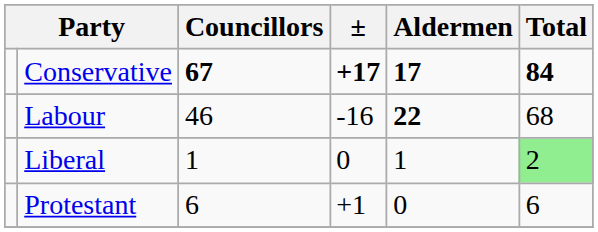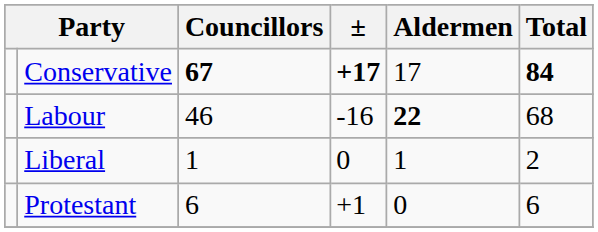 <table class="wikitable">
 <tr>
 <th colspan="2">Party</th>
 <th>Councillors</th>
 <th>  ±  </th>
 <th>Aldermen</th>
 <th>Total</th>
 </tr>
 <tr>
 <td style="background-color: "></td>
 <td><a href='#'>Conservative</a></td>
 <td><strong>67</strong></td>
 <td><strong>+17</strong></td>
-<td><strong>17</strong></td>
+<td>17</td>
 <td><strong>84</strong></td>
 </tr>
 <tr>
 <td style="background-color: "></td>
 <td><a href='#'>Labour</a></td>
 <td>46</td>
 <td>-16</td>
 <td><strong>22</strong></td>
 <td>68</td>
 </tr>
 <tr>
 <td style="background-color: "></td>
 <td><a href='#'>Liberal</a></td>
 <td>1</td>
 <td>0</td>
 <td>1</td>
-<td style="background: lightgreen;">2</td>
+<td>2</td>
 </tr>
 <tr>
 <td style="background-color: "></td>
 <td><a href='#'>Protestant</a></td>
 <td>6</td>
 <td>+1</td>
 <td>0</td>
 <td>6</td>
 </tr>
 <tr>
 </tr>
 </table>
